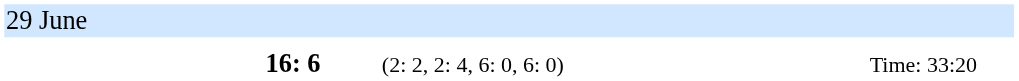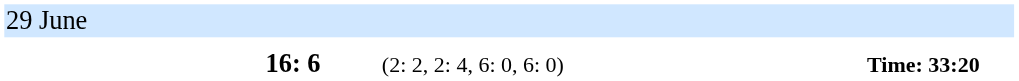 <table style="text-align:center">
 <tr style="text-align:left; background:#d0e7ff;">
 <td colspan=6>29 June</td>
 </tr>
 <tr style="font-size:90%; vertical-align:top;">
 <th width=140></th>
 <th width=60></th>
 <th width=150></th>
 <th width=140></th>
 <th width=100></th>
 </tr>
 <tr>
 <td align=right><strong></strong></td>
 <td><strong>16: 6</strong></td>
 <td><small>(2: 2, 2: 4, 6: 0, 6: 0)</small></td>
 <td align=left></td>
-<td><small>Time: 33:20</small></td>
+<td><strong><small>Time: 33:20</small></strong></td>
 <td></td>
 </tr>
 </table>
